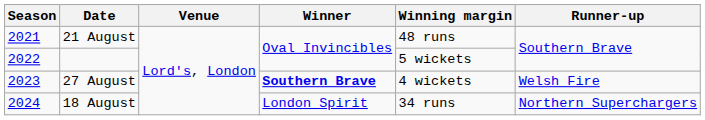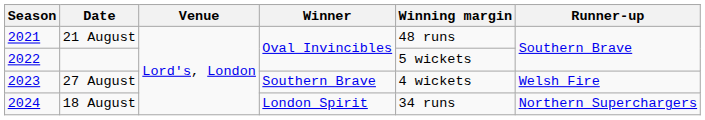 <table class="wikitable">
 <tr>
 <th>Season</th>
 <th>Date</th>
 <th>Venue</th>
 <th>Winner</th>
 <th>Winning margin</th>
 <th>Runner-up</th>
 </tr>
 <tr>
 <td><a href='#'>2021</a></td>
 <td>21 August</td>
 <td rowspan="4"><a href='#'>Lord's</a>, <a href='#'>London</a></td>
 <td rowspan="2"><a href='#'>Oval Invincibles</a></td>
 <td>48 runs<br></td>
 <td rowspan="2"><a href='#'>Southern Brave</a></td>
 </tr>
 <tr>
 <td><a href='#'>2022</a></td>
 <td></td>
 <td>5 wickets<br></td>
 </tr>
 <tr>
 <td><a href='#'>2023</a></td>
 <td>27 August</td>
-<td><strong><a href='#'>Southern Brave</a></strong></td>
+<td><a href='#'>Southern Brave</a></td>
 <td>4 wickets<br></td>
 <td><a href='#'>Welsh Fire</a></td>
 </tr>
 <tr>
 <td><a href='#'>2024</a></td>
 <td>18 August</td>
 <td><a href='#'>London Spirit</a></td>
 <td>34 runs<br></td>
 <td><a href='#'>Northern Superchargers</a></td>
 </tr>
 </table>
